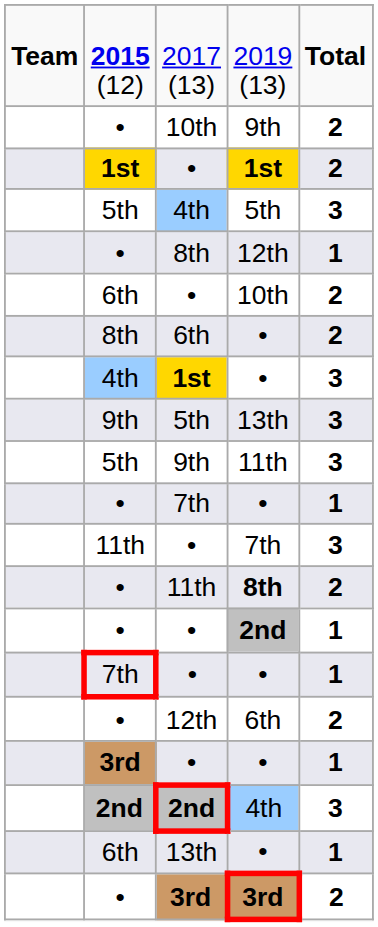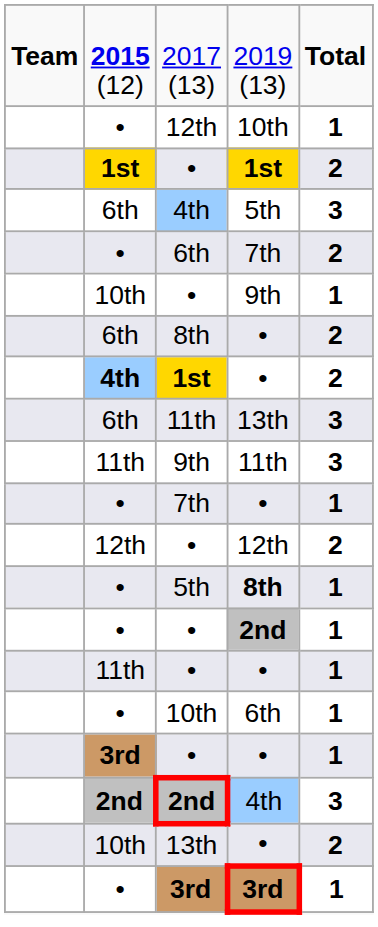 <table class="wikitable shortable" style="text-align:center; font-size:90%">
 <tr>
 <td><strong>Team</strong></td>
 <td><br><strong><a href='#'>2015</a></strong><br>(12)</td>
 <td><br><a href='#'>2017</a><br>(13)</td>
 <td><br><a href='#'>2019</a><br>(13)</td>
 <td><strong>Total</strong></td>
 </tr>
 <tr bgcolor=#ffffff>
 <td align=left></td>
 <td>•</td>
+<td>12th</td>
 <td>10th</td>
-<td>9th</td>
-<td><strong>2</strong></td>
+<td><strong>1</strong></td>
 </tr>
 <tr bgcolor=#e8e8f0>
 <td align=left></td>
 <td bgcolor="gold"><strong>1st</strong></td>
 <td>•</td>
 <td bgcolor="gold"><strong>1st</strong></td>
 <td><strong>2</strong></td>
 </tr>
 <tr bgcolor=#ffffff>
 <td align=left></td>
-<td>5th</td>
+<td>6th</td>
 <td bgcolor="9acdff">4th</td>
 <td>5th</td>
 <td><strong>3</strong></td>
 </tr>
 <tr bgcolor=#e8e8f0>
 <td align=left></td>
 <td>•</td>
-<td>8th</td>
-<td>12th</td>
-<td><strong>1</strong></td>
+<td>6th</td>
+<td>7th</td>
+<td><strong>2</strong></td>
 </tr>
 <tr bgcolor=#ffffff>
 <td align=left></td>
-<td>6th</td>
+<td>10th</td>
 <td>•</td>
-<td>10th</td>
-<td><strong>2</strong></td>
+<td>9th</td>
+<td><strong>1</strong></td>
 </tr>
 <tr bgcolor=#e8e8f0>
 <td align=left></td>
+<td>6th</td>
 <td>8th</td>
-<td>6th</td>
 <td>•</td>
 <td><strong>2</strong></td>
 </tr>
 <tr bgcolor=#ffffff>
 <td align=left></td>
-<td bgcolor="9acdff">4th</td>
+<td bgcolor="9acdff"><strong>4th</strong></td>
 <td bgcolor="gold"><strong>1st</strong></td>
 <td>•</td>
-<td><strong>3</strong></td>
+<td><strong>2</strong></td>
 </tr>
 <tr bgcolor=#e8e8f0>
 <td align=left></td>
-<td>9th</td>
-<td>5th</td>
+<td>6th</td>
+<td>11th</td>
 <td>13th</td>
 <td><strong>3</strong></td>
 </tr>
 <tr bgcolor=#ffffff>
 <td align=left></td>
-<td>5th</td>
+<td>11th</td>
 <td>9th</td>
 <td>11th</td>
 <td><strong>3</strong></td>
 </tr>
 <tr bgcolor=#e8e8f0>
 <td align=left></td>
 <td>•</td>
 <td>7th</td>
 <td>•</td>
 <td><strong>1</strong></td>
 </tr>
 <tr bgcolor=#ffffff>
 <td align=left></td>
-<td>11th</td>
+<td>12th</td>
 <td>•</td>
-<td>7th</td>
-<td><strong>3</strong></td>
+<td>12th</td>
+<td><strong>2</strong></td>
 </tr>
 <tr bgcolor=e8e8f0>
 <td align=left></td>
 <td>•</td>
-<td>11th</td>
+<td>5th</td>
 <td><strong>8th</strong></td>
-<td><strong>2</strong></td>
+<td><strong>1</strong></td>
 </tr>
 <tr bgcolor=#ffffff>
 <td align=left></td>
 <td>•</td>
 <td>•</td>
 <td bgcolor="silver"><strong>2nd</strong></td>
 <td><strong>1</strong></td>
 </tr>
 <tr bgcolor=#e8e8f0>
 <td align=left></td>
-<td style="border: 3px solid red">7th</td>
+<td>11th</td>
 <td>•</td>
 <td>•</td>
 <td><strong>1</strong></td>
 </tr>
 <tr bgcolor=#ffffff>
 <td align=left></td>
 <td>•</td>
-<td>12th</td>
+<td>10th</td>
 <td>6th</td>
-<td><strong>2</strong></td>
+<td><strong>1</strong></td>
 </tr>
 <tr bgcolor=#e8e8f0>
 <td align=left></td>
 <td bgcolor="cc9966"><strong>3rd</strong></td>
 <td>•</td>
 <td>•</td>
 <td><strong>1</strong></td>
 </tr>
 <tr bgcolor=#ffffff>
 <td align=left></td>
 <td bgcolor="silver"><strong>2nd</strong></td>
 <td style="border: 3px solid red" bgcolor="silver"><strong>2nd</strong></td>
 <td bgcolor="9acdff">4th</td>
 <td><strong>3</strong></td>
 </tr>
 <tr bgcolor=#e8e8f0>
 <td align=left></td>
-<td>6th</td>
+<td>10th</td>
 <td>13th</td>
 <td>•</td>
-<td><strong>1</strong></td>
+<td><strong>2</strong></td>
 </tr>
 <tr bgcolor=ffffff>
 <td align=left></td>
 <td>•</td>
 <td bgcolor="cc9966"><strong>3rd</strong></td>
 <td style="border: 3px solid red" bgcolor="cc9966"><strong>3rd</strong></td>
-<td><strong>2</strong></td>
+<td><strong>1</strong></td>
 </tr>
 </table>
